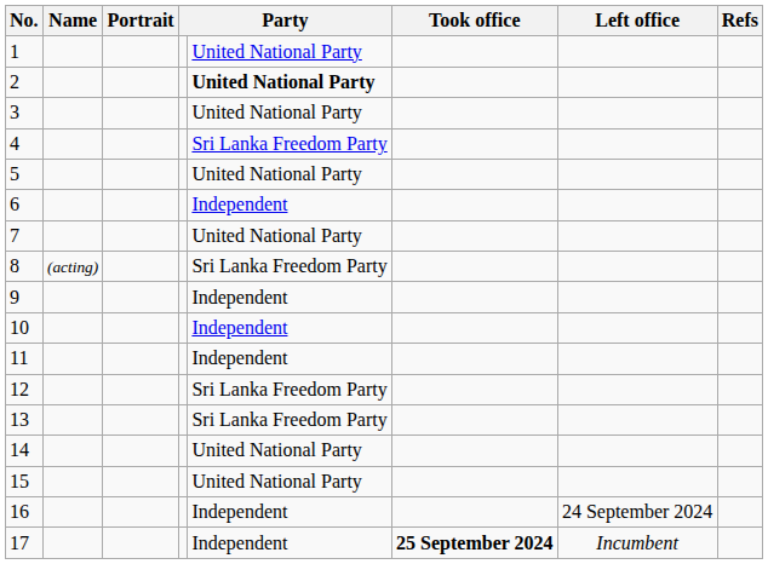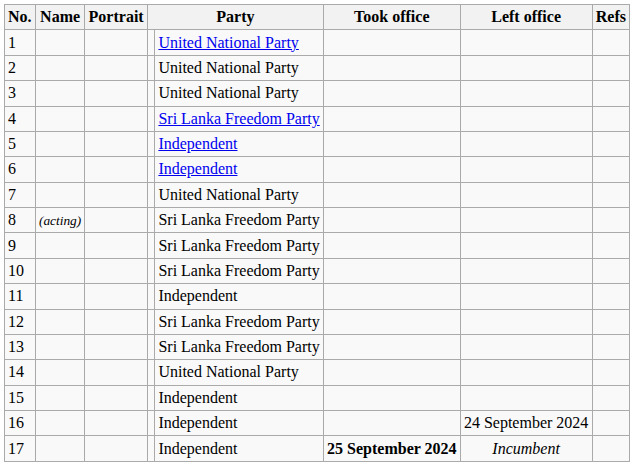 <table class="wikitable plainrowheaders sortable" style="margin:1em auto; font-size:100%; text-align:left;">
 <tr>
 <th>No.</th>
 <th>Name</th>
 <th class="unsortable">Portrait</th>
 <th colspan="2">Party</th>
 <th>Took office</th>
 <th>Left office</th>
 <th class="unsortable">Refs</th>
 </tr>
 <tr>
 <td>1</td>
 <td></td>
 <td></td>
 <td style="background:"></td>
 <td><a href='#'>United National Party</a></td>
 <td align="center"></td>
 <td align="center"></td>
 <td align="center"></td>
 </tr>
 <tr>
 <td>2</td>
 <td></td>
 <td></td>
 <td style="background:"></td>
-<td><strong>United National Party</strong></td>
+<td>United National Party</td>
 <td align="center"></td>
 <td align="center"></td>
 <td align="center"></td>
 </tr>
 <tr>
 <td>3</td>
 <td></td>
 <td></td>
 <td style="background:"></td>
 <td>United National Party</td>
 <td align="center"></td>
 <td align="center"></td>
 <td align="center"></td>
 </tr>
 <tr>
 <td>4</td>
 <td></td>
 <td></td>
 <td style="background:"></td>
 <td><a href='#'>Sri Lanka Freedom Party</a></td>
 <td align="center"></td>
 <td align="center"></td>
 <td align="center"></td>
 </tr>
 <tr>
 <td>5</td>
 <td></td>
 <td></td>
 <td align="center" style="background:"></td>
-<td>United National Party</td>
+<td><a href='#'>Independent</a></td>
 <td align="center"></td>
 <td align="center"></td>
 <td align="center"></td>
 </tr>
 <tr>
 <td>6</td>
 <td></td>
 <td></td>
 <td style="background:"></td>
 <td><a href='#'>Independent</a></td>
 <td align="center"></td>
 <td align="center"></td>
 <td align="center"></td>
 </tr>
 <tr>
 <td>7</td>
 <td></td>
 <td></td>
 <td style="background:"></td>
 <td>United National Party</td>
 <td align="center"></td>
 <td align="center"></td>
 <td align="center"></td>
 </tr>
 <tr>
 <td>8</td>
 <td> <small><em>(acting)</em></small></td>
 <td></td>
 <td style="background:"></td>
 <td>Sri Lanka Freedom Party</td>
 <td align="center"></td>
 <td align="center"></td>
 <td align="center"></td>
 </tr>
 <tr>
 <td>9</td>
 <td></td>
 <td></td>
 <td style="background:"></td>
-<td>Independent</td>
+<td>Sri Lanka Freedom Party</td>
 <td align="center"></td>
 <td align="center"></td>
 <td align="center"></td>
 </tr>
 <tr>
 <td>10</td>
 <td></td>
 <td></td>
 <td style="background:"></td>
-<td><a href='#'>Independent</a></td>
+<td>Sri Lanka Freedom Party</td>
 <td align="center"></td>
 <td align="center"></td>
 <td align="center"></td>
 </tr>
 <tr>
 <td>11</td>
 <td></td>
 <td></td>
 <td align="center" style="background:"></td>
 <td>Independent</td>
 <td align="center"></td>
 <td align="center"></td>
 <td align="center"></td>
 </tr>
 <tr>
 <td>12</td>
 <td></td>
 <td></td>
 <td style="background:"></td>
 <td>Sri Lanka Freedom Party</td>
 <td align="center"></td>
 <td align="center"></td>
 <td align="center"></td>
 </tr>
 <tr>
 <td>13</td>
 <td></td>
 <td></td>
 <td style="background:"></td>
 <td>Sri Lanka Freedom Party</td>
 <td align="center"></td>
 <td align="center"></td>
 <td align="center"></td>
 </tr>
 <tr>
 <td>14</td>
 <td></td>
 <td></td>
 <td style="background:"></td>
 <td>United National Party</td>
 <td align="center"></td>
 <td align="center"></td>
 <td align="center"></td>
 </tr>
 <tr>
 <td>15</td>
 <td></td>
 <td></td>
 <td align="center" style="background:"></td>
-<td>United National Party</td>
+<td>Independent</td>
 <td align="center"></td>
 <td align="center"></td>
 <td></td>
 </tr>
 <tr>
 <td>16</td>
 <td></td>
 <td></td>
 <td align="center" style="background:"></td>
 <td>Independent</td>
 <td align="center"></td>
 <td align="center">24 September 2024</td>
 <td align="center"></td>
 </tr>
 <tr>
 <td>17</td>
 <td></td>
 <td></td>
 <td align="center" style="background:"></td>
 <td>Independent</td>
 <td align="center"><strong>25 September 2024</strong></td>
 <td align="center"><em>Incumbent</em></td>
 <td align="center"></td>
 </tr>
 </table>
